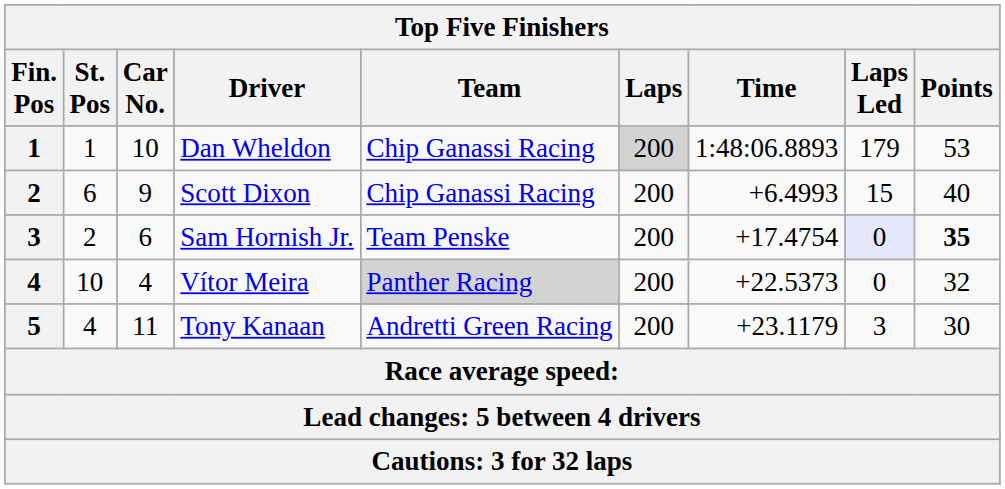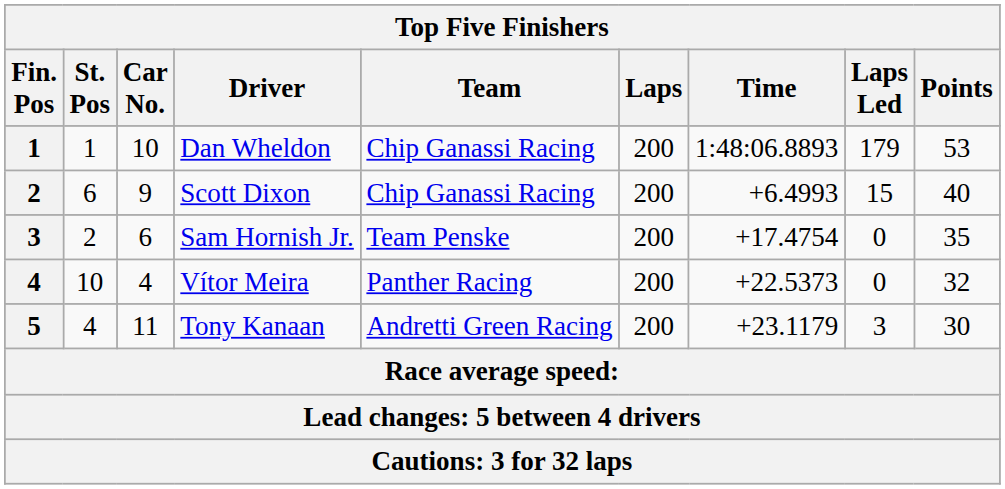 <table class="wikitable" style="font-size:95%;text-align:center">
 <tr>
 <th colspan=9>Top Five Finishers</th>
 </tr>
 <tr>
 <th>Fin.<br>Pos</th>
 <th>St.<br>Pos</th>
 <th>Car<br>No.</th>
 <th>Driver</th>
 <th>Team</th>
 <th>Laps</th>
 <th>Time</th>
 <th>Laps<br>Led</th>
 <th>Points</th>
 </tr>
 <tr>
 <th>1</th>
 <td>1</td>
 <td>10</td>
 <td style="text-align:left"> <a href='#'>Dan Wheldon</a></td>
 <td style="text-align:left"><a href='#'>Chip Ganassi Racing</a></td>
-<td style="background: lightgrey;">200</td>
+<td>200</td>
 <td align=right>1:48:06.8893</td>
 <td>179</td>
 <td>53</td>
 </tr>
 <tr>
 <th>2</th>
 <td>6</td>
 <td>9</td>
 <td style="text-align:left"> <a href='#'>Scott Dixon</a></td>
 <td style="text-align:left"><a href='#'>Chip Ganassi Racing</a></td>
 <td>200</td>
 <td align=right>+6.4993</td>
 <td>15</td>
 <td>40</td>
 </tr>
 <tr>
 <th>3</th>
 <td>2</td>
 <td>6</td>
 <td style="text-align:left"> <a href='#'>Sam Hornish Jr.</a></td>
 <td style="text-align:left"><a href='#'>Team Penske</a></td>
 <td>200</td>
 <td align=right>+17.4754</td>
-<td style="background: lavender;">0</td>
-<td><strong>35</strong></td>
+<td>0</td>
+<td>35</td>
 </tr>
 <tr>
 <th>4</th>
 <td>10</td>
 <td>4</td>
 <td style="text-align:left"> <a href='#'>Vítor Meira</a></td>
-<td style="background: lightgrey; text-align:left"><a href='#'>Panther Racing</a></td>
+<td style="text-align:left"><a href='#'>Panther Racing</a></td>
 <td>200</td>
 <td align=right>+22.5373</td>
 <td>0</td>
 <td>32</td>
 </tr>
 <tr>
 <th>5</th>
 <td>4</td>
 <td>11</td>
 <td style="text-align:left"> <a href='#'>Tony Kanaan</a></td>
 <td style="text-align:left"><a href='#'>Andretti Green Racing</a></td>
 <td>200</td>
 <td align=right>+23.1179</td>
 <td>3</td>
 <td>30</td>
 </tr>
 <tr>
 <th colspan=9>Race average speed: </th>
 </tr>
 <tr>
 <th colspan=9>Lead changes: 5 between 4 drivers</th>
 </tr>
 <tr>
 <th colspan=9>Cautions: 3 for 32 laps</th>
 </tr>
 </table>
